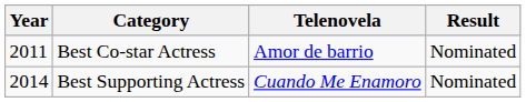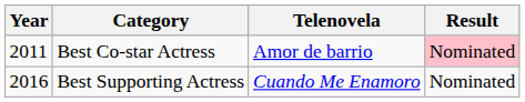 <table class="wikitable">
 <tr style="background:#b0c4de;">
 <th>Year</th>
 <th>Category</th>
 <th>Telenovela</th>
 <th>Result</th>
 </tr>
 <tr>
 <td>2011</td>
 <td>Best Co-star Actress</td>
 <td><a href='#'>Amor de barrio</a></td>
-<td>Nominated</td>
+<td style="background: pink;">Nominated</td>
 </tr>
 <tr>
-<td>2014</td>
+<td>2016</td>
 <td>Best Supporting Actress</td>
 <td><em><a href='#'>Cuando Me Enamoro</a></em></td>
 <td>Nominated</td>
 </tr>
 </table>
